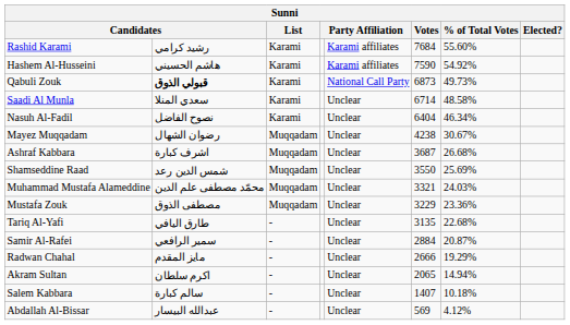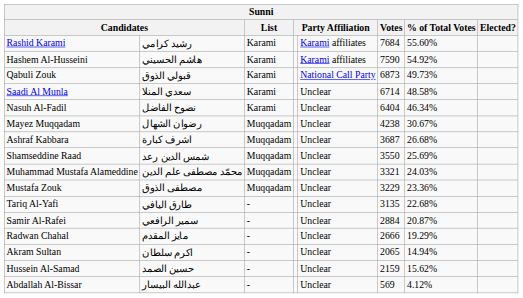 <table class="wikitable sortable">
 <tr>
 <th colspan="8">Sunni</th>
 </tr>
 <tr>
 <th colspan="2">Candidates</th>
 <th>List</th>
 <th colspan="2">Party Affiliation</th>
 <th>Votes</th>
 <th>% of Total Votes</th>
 <th>Elected?</th>
 </tr>
 <tr>
 <td><a href='#'>Rashid Karami</a></td>
 <td>رشيد كرامي</td>
 <td>Karami</td>
 <td style="background: "></td>
 <td><a href='#'>Karami</a> affiliates</td>
 <td>7684</td>
 <td>55.60%</td>
 <td></td>
 </tr>
 <tr>
 <td>Hashem Al-Husseini</td>
 <td>هاشم الحسيني</td>
 <td>Karami</td>
 <td style="background: "></td>
 <td><a href='#'>Karami</a> affiliates</td>
 <td>7590</td>
 <td>54.92%</td>
 <td></td>
 </tr>
 <tr>
 <td>Qabuli Zouk</td>
-<td><strong>قبولي الذوق</strong></td>
+<td>قبولي الذوق</td>
 <td>Karami</td>
 <td style="background: "></td>
 <td><a href='#'>National Call Party</a></td>
 <td>6873</td>
 <td>49.73%</td>
 <td></td>
 </tr>
 <tr>
 <td><a href='#'>Saadi Al Munla</a></td>
 <td>سعدي المنلا</td>
 <td>Karami</td>
 <td style="background: "></td>
 <td>Unclear</td>
 <td>6714</td>
 <td>48.58%</td>
 <td></td>
 </tr>
 <tr>
 <td>Nasuh Al-Fadil</td>
 <td>نصوح الفاضل</td>
 <td>Karami</td>
 <td style="background: "></td>
 <td>Unclear</td>
 <td>6404</td>
 <td>46.34%</td>
 <td></td>
 </tr>
 <tr>
 <td>Mayez Muqqadam</td>
 <td>رضوان الشهال</td>
 <td>Muqqadam</td>
 <td style="background: "></td>
 <td>Unclear</td>
 <td>4238</td>
 <td>30.67%</td>
 <td></td>
 </tr>
 <tr>
 <td>Ashraf Kabbara</td>
 <td>اشرف كبارة</td>
 <td>Muqqadam</td>
 <td style="background: "></td>
 <td>Unclear</td>
 <td>3687</td>
 <td>26.68%</td>
 <td></td>
 </tr>
 <tr>
 <td>Shamseddine Raad</td>
 <td>شمس الدين رعد</td>
 <td>Muqqadam</td>
 <td style="background: "></td>
 <td>Unclear</td>
 <td>3550</td>
 <td>25.69%</td>
 <td></td>
 </tr>
 <tr>
 <td>Muhammad Mustafa Alameddine</td>
 <td>محمّد مصطفى علم الدين</td>
 <td>Muqqadam</td>
 <td style="background: "></td>
 <td>Unclear</td>
 <td>3321</td>
 <td>24.03%</td>
 <td></td>
 </tr>
 <tr>
 <td>Mustafa Zouk</td>
 <td>مصطفى الذوق</td>
 <td>Muqqadam</td>
 <td style="background: "></td>
 <td>Unclear</td>
 <td>3229</td>
 <td>23.36%</td>
 <td></td>
 </tr>
 <tr>
 <td>Tariq Al-Yafi</td>
 <td>طارق اليافي</td>
 <td>-</td>
 <td style="background: "></td>
 <td>Unclear</td>
 <td>3135</td>
 <td>22.68%</td>
 <td></td>
 </tr>
 <tr>
 <td>Samir Al-Rafei</td>
 <td>سمير الرافعي</td>
 <td>-</td>
 <td style="background: "></td>
 <td>Unclear</td>
 <td>2884</td>
 <td>20.87%</td>
 <td></td>
 </tr>
 <tr>
 <td>Radwan Chahal</td>
 <td>مايز المقدم</td>
 <td>-</td>
 <td style="background: "></td>
 <td>Unclear</td>
 <td>2666</td>
 <td>19.29%</td>
 <td></td>
 </tr>
 <tr>
 <td>Akram Sultan</td>
 <td>اكرم سلطان</td>
 <td>-</td>
 <td style="background: "></td>
 <td>Unclear</td>
 <td>2065</td>
 <td>14.94%</td>
 <td></td>
 </tr>
 <tr>
-<td>Salem Kabbara</td>
-<td>سالم كبارة</td>
+<td>Hussein Al-Samad</td>
+<td>حسين الصمد</td>
 <td>-</td>
 <td style="background: "></td>
 <td>Unclear</td>
-<td>1407</td>
-<td>10.18%</td>
+<td>2159</td>
+<td>15.62%</td>
 <td></td>
 </tr>
 <tr>
 <td>Abdallah Al-Bissar</td>
 <td>عبدالله البيسار</td>
 <td>-</td>
 <td style="background: "></td>
 <td>Unclear</td>
 <td>569</td>
 <td>4.12%</td>
 <td></td>
 </tr>
 </table>
